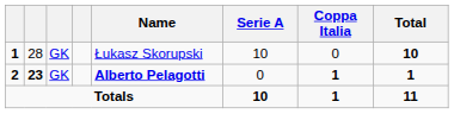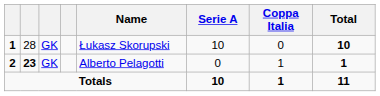 <table class="wikitable" style="text-align:center">
 <tr>
 <th width=15></th>
 <th width=15></th>
 <th width=15></th>
 <th width=15></th>
 <th width=145>Name</th>
 <th width=80><a href='#'>Serie A</a></th>
 <th width=80><a href='#'>Coppa Italia</a></th>
 <th width=80>Total</th>
 </tr>
 <tr>
 <td><strong>1</strong></td>
 <td>28</td>
 <td><a href='#'>GK</a></td>
 <td></td>
 <td align=left><a href='#'>Łukasz Skorupski</a></td>
 <td>10</td>
 <td>0</td>
 <td><strong>10</strong></td>
 </tr>
 <tr>
 <td><strong>2</strong></td>
 <td><strong>23</strong></td>
 <td><a href='#'>GK</a></td>
 <td></td>
-<td align=left><strong><a href='#'>Alberto Pelagotti</a></strong></td>
+<td align=left><a href='#'>Alberto Pelagotti</a></td>
 <td>0</td>
-<td><strong>1</strong></td>
+<td>1</td>
 <td><strong>1</strong></td>
 </tr>
 <tr>
 <td colspan=5><strong>Totals</strong></td>
 <td><strong>10</strong></td>
 <td><strong>1</strong></td>
 <td><strong>11</strong></td>
 </tr>
 </table>
